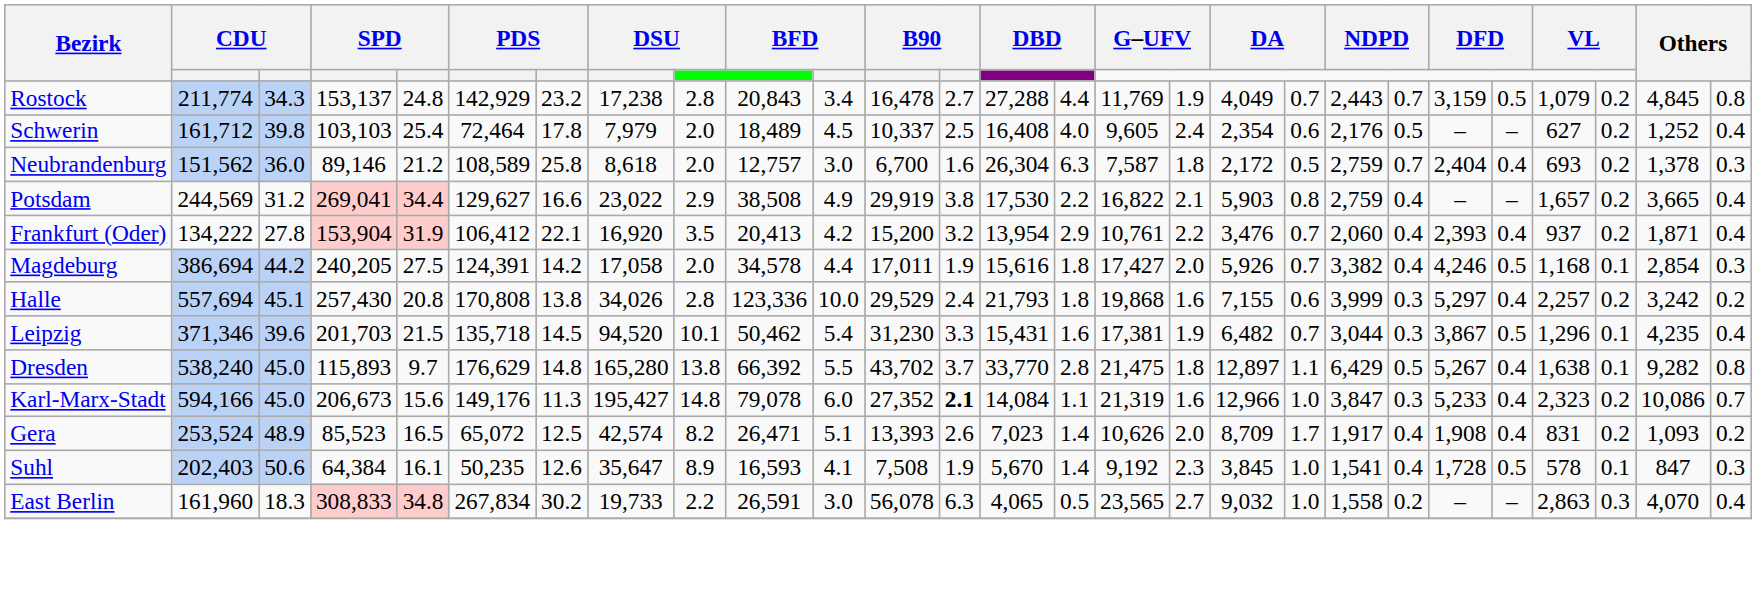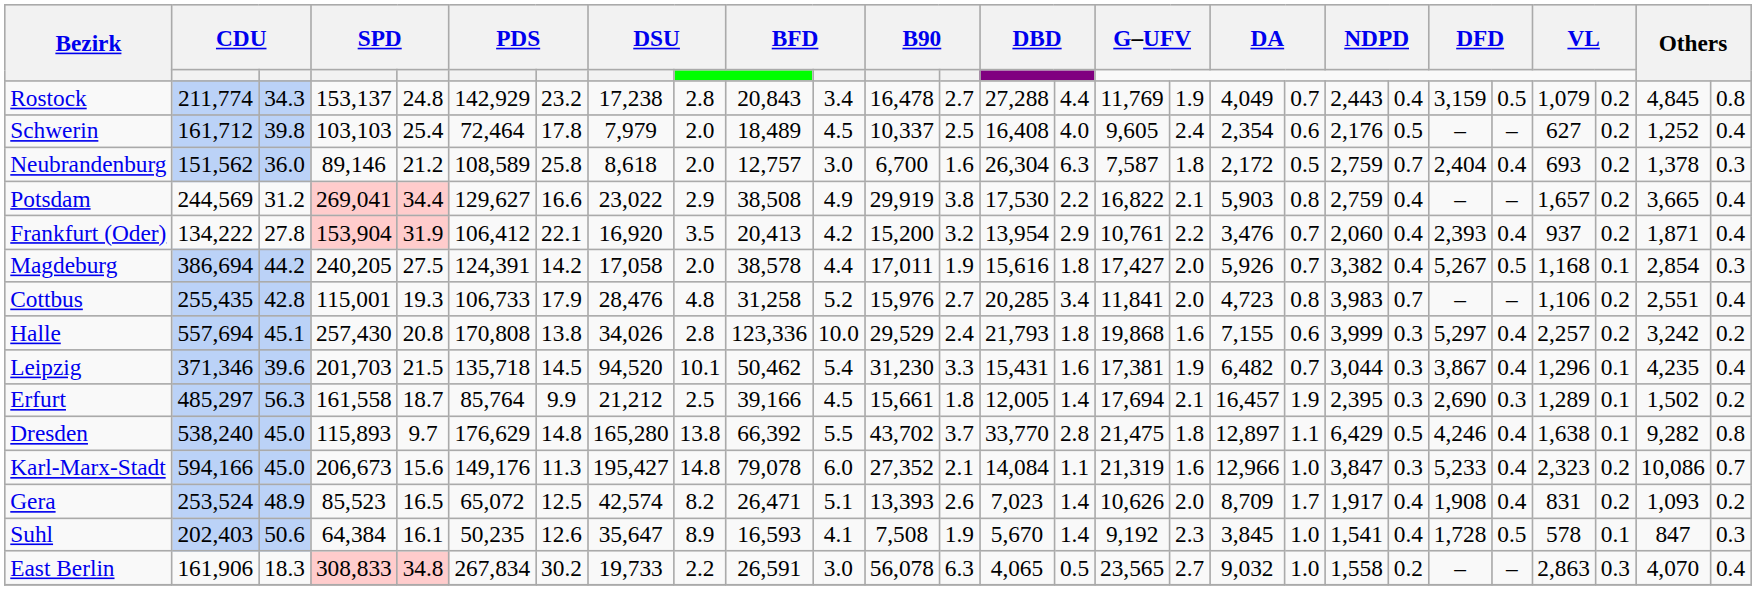 <table class="wikitable sortable" style="text-align: center; font-size: 90%; line-height: 14px;">
 <tr style="height: 40px;">
 <th rowspan="2"><a href='#'>Bezirk</a></th>
 <th class="unsortable" style="width:50px;" colspan="2"><a href='#'>CDU</a></th>
 <th class="unsortable" style="width:50px;" colspan="2"><a href='#'>SPD</a></th>
 <th class="unsortable" style="width:50px;" colspan="2"><a href='#'>PDS</a></th>
 <th class="unsortable" style="width:50px;" colspan="2"><a href='#'>DSU</a></th>
 <th class="unsortable" style="width:50px;" colspan="2"><a href='#'>BFD</a></th>
 <th class="unsortable" style="width:50px;" colspan="2"><a href='#'>B90</a></th>
 <th class="unsortable" style="width:50px;" colspan="2"><a href='#'>DBD</a></th>
 <th class="unsortable" style="width:50px;" colspan="2"><a href='#'>G</a>–<a href='#'>UFV</a></th>
 <th class="unsortable" style="width:50px;" colspan="2"><a href='#'>DA</a></th>
 <th class="unsortable" style="width:50px;" colspan="2"><a href='#'>NDPD</a></th>
 <th class="unsortable" style="width:50px;" colspan="2"><a href='#'>DFD</a></th>
 <th class="unsortable" style="width:50px;" colspan="2"><a href='#'>VL</a></th>
 <th class="unsortable" style="width:50px;" colspan="2" rowspan="2">Others</th>
 </tr>
 <tr>
 <th style="background:"></th>
 <th style="background:"></th>
 <th style="background:"></th>
 <th style="background:"></th>
 <th style="background:"></th>
 <th style="background:"></th>
 <th style="background:"></th>
 <th style="background:#00FF00;" colspan="2"></th>
 <th style="background:"></th>
 <th style="background:"></th>
 <th style="background:"></th>
 <th style="background:#800080;" colspan="2"></th>
 </tr>
 <tr>
 <td style="text-align: left;"><a href='#'>Rostock</a></td>
 <td bgcolor=#BBD2F7>211,774</td>
 <td bgcolor=#BBD2F7>34.3</td>
 <td>153,137</td>
 <td>24.8</td>
 <td>142,929</td>
 <td>23.2</td>
 <td>17,238</td>
 <td>2.8</td>
 <td>20,843</td>
 <td>3.4</td>
 <td>16,478</td>
 <td>2.7</td>
 <td>27,288</td>
 <td>4.4</td>
 <td>11,769</td>
 <td>1.9</td>
 <td>4,049</td>
 <td>0.7</td>
 <td>2,443</td>
-<td>0.7</td>
+<td>0.4</td>
 <td>3,159</td>
 <td>0.5</td>
 <td>1,079</td>
 <td>0.2</td>
 <td>4,845</td>
 <td>0.8</td>
 </tr>
 <tr>
 <td style="text-align: left;"><a href='#'>Schwerin</a></td>
 <td bgcolor=#BBD2F7>161,712</td>
 <td bgcolor=#BBD2F7>39.8</td>
 <td>103,103</td>
 <td>25.4</td>
 <td>72,464</td>
 <td>17.8</td>
 <td>7,979</td>
 <td>2.0</td>
 <td>18,489</td>
 <td>4.5</td>
 <td>10,337</td>
 <td>2.5</td>
 <td>16,408</td>
 <td>4.0</td>
 <td>9,605</td>
 <td>2.4</td>
 <td>2,354</td>
 <td>0.6</td>
 <td>2,176</td>
 <td>0.5</td>
 <td>–</td>
 <td>–</td>
 <td>627</td>
 <td>0.2</td>
 <td>1,252</td>
 <td>0.4</td>
 </tr>
 <tr>
 <td style="text-align: left;"><a href='#'>Neubrandenburg</a></td>
 <td bgcolor=#BBD2F7>151,562</td>
 <td bgcolor=#BBD2F7>36.0</td>
 <td>89,146</td>
 <td>21.2</td>
 <td>108,589</td>
 <td>25.8</td>
 <td>8,618</td>
 <td>2.0</td>
 <td>12,757</td>
 <td>3.0</td>
 <td>6,700</td>
 <td>1.6</td>
 <td>26,304</td>
 <td>6.3</td>
 <td>7,587</td>
 <td>1.8</td>
 <td>2,172</td>
 <td>0.5</td>
 <td>2,759</td>
 <td>0.7</td>
 <td>2,404</td>
 <td>0.4</td>
 <td>693</td>
 <td>0.2</td>
 <td>1,378</td>
 <td>0.3</td>
 </tr>
 <tr>
 <td style="text-align: left;"><a href='#'>Potsdam</a></td>
 <td>244,569</td>
 <td>31.2</td>
 <td bgcolor=#FFCCCC>269,041</td>
 <td bgcolor=#FFCCCC>34.4</td>
 <td>129,627</td>
 <td>16.6</td>
 <td>23,022</td>
 <td>2.9</td>
 <td>38,508</td>
 <td>4.9</td>
 <td>29,919</td>
 <td>3.8</td>
 <td>17,530</td>
 <td>2.2</td>
 <td>16,822</td>
 <td>2.1</td>
 <td>5,903</td>
 <td>0.8</td>
 <td>2,759</td>
 <td>0.4</td>
 <td>–</td>
 <td>–</td>
 <td>1,657</td>
 <td>0.2</td>
 <td>3,665</td>
 <td>0.4</td>
 </tr>
 <tr>
 <td style="text-align: left;"><a href='#'>Frankfurt (Oder)</a></td>
 <td>134,222</td>
 <td>27.8</td>
 <td bgcolor=#FFCCCC>153,904</td>
 <td bgcolor=#FFCCCC>31.9</td>
 <td>106,412</td>
 <td>22.1</td>
 <td>16,920</td>
 <td>3.5</td>
 <td>20,413</td>
 <td>4.2</td>
 <td>15,200</td>
 <td>3.2</td>
 <td>13,954</td>
 <td>2.9</td>
 <td>10,761</td>
 <td>2.2</td>
 <td>3,476</td>
 <td>0.7</td>
 <td>2,060</td>
 <td>0.4</td>
 <td>2,393</td>
 <td>0.4</td>
 <td>937</td>
 <td>0.2</td>
 <td>1,871</td>
 <td>0.4</td>
 </tr>
 <tr>
 <td style="text-align: left;"><a href='#'>Magdeburg</a></td>
 <td bgcolor=#BBD2F7>386,694</td>
 <td bgcolor=#BBD2F7>44.2</td>
 <td>240,205</td>
 <td>27.5</td>
 <td>124,391</td>
 <td>14.2</td>
 <td>17,058</td>
 <td>2.0</td>
-<td>34,578</td>
+<td>38,578</td>
 <td>4.4</td>
 <td>17,011</td>
 <td>1.9</td>
 <td>15,616</td>
 <td>1.8</td>
 <td>17,427</td>
 <td>2.0</td>
 <td>5,926</td>
 <td>0.7</td>
 <td>3,382</td>
 <td>0.4</td>
-<td>4,246</td>
+<td>5,267</td>
 <td>0.5</td>
 <td>1,168</td>
 <td>0.1</td>
 <td>2,854</td>
 <td>0.3</td>
+</tr>
+<tr>
+<td style="text-align: left;"><a href='#'>Cottbus</a></td>
+<td bgcolor=#BBD2F7>255,435</td>
+<td bgcolor=#BBD2F7>42.8</td>
+<td>115,001</td>
+<td>19.3</td>
+<td>106,733</td>
+<td>17.9</td>
+<td>28,476</td>
+<td>4.8</td>
+<td>31,258</td>
+<td>5.2</td>
+<td>15,976</td>
+<td>2.7</td>
+<td>20,285</td>
+<td>3.4</td>
+<td>11,841</td>
+<td>2.0</td>
+<td>4,723</td>
+<td>0.8</td>
+<td>3,983</td>
+<td>0.7</td>
+<td>–</td>
+<td>–</td>
+<td>1,106</td>
+<td>0.2</td>
+<td>2,551</td>
+<td>0.4</td>
 </tr>
 <tr>
 <td style="text-align: left;"><a href='#'>Halle</a></td>
 <td bgcolor=#BBD2F7>557,694</td>
 <td bgcolor=#BBD2F7>45.1</td>
 <td>257,430</td>
 <td>20.8</td>
 <td>170,808</td>
 <td>13.8</td>
 <td>34,026</td>
 <td>2.8</td>
 <td>123,336</td>
 <td>10.0</td>
 <td>29,529</td>
 <td>2.4</td>
 <td>21,793</td>
 <td>1.8</td>
 <td>19,868</td>
 <td>1.6</td>
 <td>7,155</td>
 <td>0.6</td>
 <td>3,999</td>
 <td>0.3</td>
 <td>5,297</td>
 <td>0.4</td>
 <td>2,257</td>
 <td>0.2</td>
 <td>3,242</td>
 <td>0.2</td>
 </tr>
 <tr>
 <td style="text-align: left;"><a href='#'>Leipzig</a></td>
 <td bgcolor=#BBD2F7>371,346</td>
 <td bgcolor=#BBD2F7>39.6</td>
 <td>201,703</td>
 <td>21.5</td>
 <td>135,718</td>
 <td>14.5</td>
 <td>94,520</td>
 <td>10.1</td>
 <td>50,462</td>
 <td>5.4</td>
 <td>31,230</td>
 <td>3.3</td>
 <td>15,431</td>
 <td>1.6</td>
 <td>17,381</td>
 <td>1.9</td>
 <td>6,482</td>
 <td>0.7</td>
 <td>3,044</td>
 <td>0.3</td>
 <td>3,867</td>
-<td>0.5</td>
+<td>0.4</td>
 <td>1,296</td>
 <td>0.1</td>
 <td>4,235</td>
 <td>0.4</td>
+</tr>
+<tr>
+<td style="text-align: left;"><a href='#'>Erfurt</a></td>
+<td bgcolor=#BBD2F7>485,297</td>
+<td bgcolor=#BBD2F7>56.3</td>
+<td>161,558</td>
+<td>18.7</td>
+<td>85,764</td>
+<td>9.9</td>
+<td>21,212</td>
+<td>2.5</td>
+<td>39,166</td>
+<td>4.5</td>
+<td>15,661</td>
+<td>1.8</td>
+<td>12,005</td>
+<td>1.4</td>
+<td>17,694</td>
+<td>2.1</td>
+<td>16,457</td>
+<td>1.9</td>
+<td>2,395</td>
+<td>0.3</td>
+<td>2,690</td>
+<td>0.3</td>
+<td>1,289</td>
+<td>0.1</td>
+<td>1,502</td>
+<td>0.2</td>
 </tr>
 <tr>
 <td style="text-align: left;"><a href='#'>Dresden</a></td>
 <td bgcolor=#BBD2F7>538,240</td>
 <td bgcolor=#BBD2F7>45.0</td>
 <td>115,893</td>
 <td>9.7</td>
 <td>176,629</td>
 <td>14.8</td>
 <td>165,280</td>
 <td>13.8</td>
 <td>66,392</td>
 <td>5.5</td>
 <td>43,702</td>
 <td>3.7</td>
 <td>33,770</td>
 <td>2.8</td>
 <td>21,475</td>
 <td>1.8</td>
 <td>12,897</td>
 <td>1.1</td>
 <td>6,429</td>
 <td>0.5</td>
-<td>5,267</td>
+<td>4,246</td>
 <td>0.4</td>
 <td>1,638</td>
 <td>0.1</td>
 <td>9,282</td>
 <td>0.8</td>
 </tr>
 <tr>
 <td style="text-align: left;"><a href='#'>Karl-Marx-Stadt</a></td>
 <td bgcolor=#BBD2F7>594,166</td>
 <td bgcolor=#BBD2F7>45.0</td>
 <td>206,673</td>
 <td>15.6</td>
 <td>149,176</td>
 <td>11.3</td>
 <td>195,427</td>
 <td>14.8</td>
 <td>79,078</td>
 <td>6.0</td>
 <td>27,352</td>
-<td><strong>2.1</strong></td>
+<td>2.1</td>
 <td>14,084</td>
 <td>1.1</td>
 <td>21,319</td>
 <td>1.6</td>
 <td>12,966</td>
 <td>1.0</td>
 <td>3,847</td>
 <td>0.3</td>
 <td>5,233</td>
 <td>0.4</td>
 <td>2,323</td>
 <td>0.2</td>
 <td>10,086</td>
 <td>0.7</td>
 </tr>
 <tr>
 <td style="text-align: left;"><a href='#'>Gera</a></td>
 <td bgcolor=#BBD2F7>253,524</td>
 <td bgcolor=#BBD2F7>48.9</td>
 <td>85,523</td>
 <td>16.5</td>
 <td>65,072</td>
 <td>12.5</td>
 <td>42,574</td>
 <td>8.2</td>
 <td>26,471</td>
 <td>5.1</td>
 <td>13,393</td>
 <td>2.6</td>
 <td>7,023</td>
 <td>1.4</td>
 <td>10,626</td>
 <td>2.0</td>
 <td>8,709</td>
 <td>1.7</td>
 <td>1,917</td>
 <td>0.4</td>
 <td>1,908</td>
 <td>0.4</td>
 <td>831</td>
 <td>0.2</td>
 <td>1,093</td>
 <td>0.2</td>
 </tr>
 <tr>
 <td style="text-align: left;"><a href='#'>Suhl</a></td>
 <td bgcolor=#BBD2F7>202,403</td>
 <td bgcolor=#BBD2F7>50.6</td>
 <td>64,384</td>
 <td>16.1</td>
 <td>50,235</td>
 <td>12.6</td>
 <td>35,647</td>
 <td>8.9</td>
 <td>16,593</td>
 <td>4.1</td>
 <td>7,508</td>
 <td>1.9</td>
 <td>5,670</td>
 <td>1.4</td>
 <td>9,192</td>
 <td>2.3</td>
 <td>3,845</td>
 <td>1.0</td>
 <td>1,541</td>
 <td>0.4</td>
 <td>1,728</td>
 <td>0.5</td>
 <td>578</td>
 <td>0.1</td>
 <td>847</td>
 <td>0.3</td>
 </tr>
 <tr>
 <td style="text-align: left;"><a href='#'>East Berlin</a></td>
-<td>161,960</td>
+<td>161,906</td>
 <td>18.3</td>
 <td bgcolor=#FFCCCC>308,833</td>
 <td bgcolor=#FFCCCC>34.8</td>
 <td>267,834</td>
 <td>30.2</td>
 <td>19,733</td>
 <td>2.2</td>
 <td>26,591</td>
 <td>3.0</td>
 <td>56,078</td>
 <td>6.3</td>
 <td>4,065</td>
 <td>0.5</td>
 <td>23,565</td>
 <td>2.7</td>
 <td>9,032</td>
 <td>1.0</td>
 <td>1,558</td>
 <td>0.2</td>
 <td>–</td>
 <td>–</td>
 <td>2,863</td>
 <td>0.3</td>
 <td>4,070</td>
 <td>0.4</td>
 </tr>
 <tr>
 </tr>
 </table>
